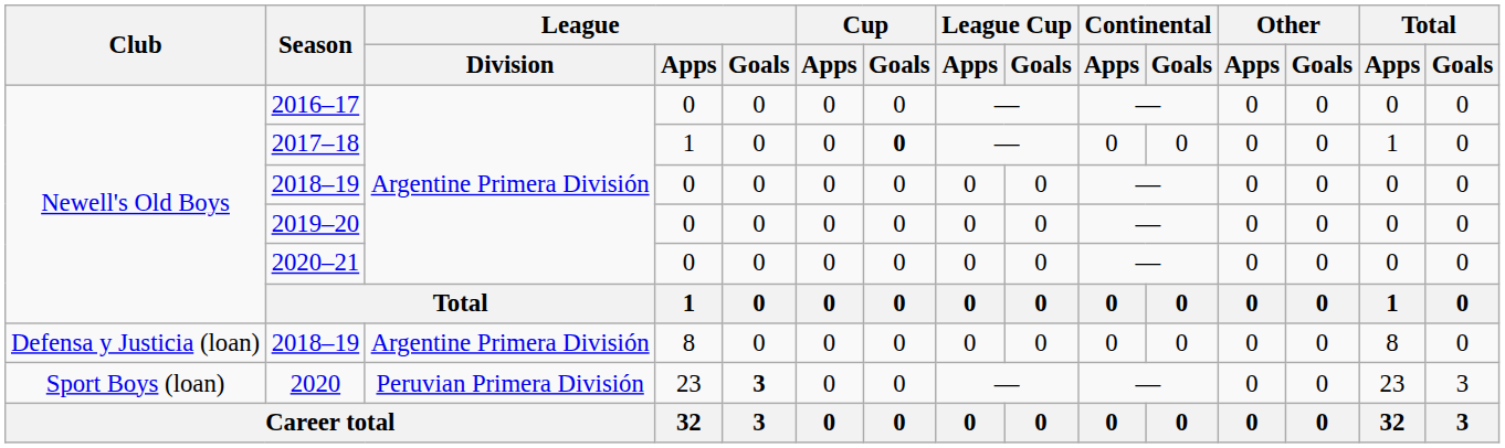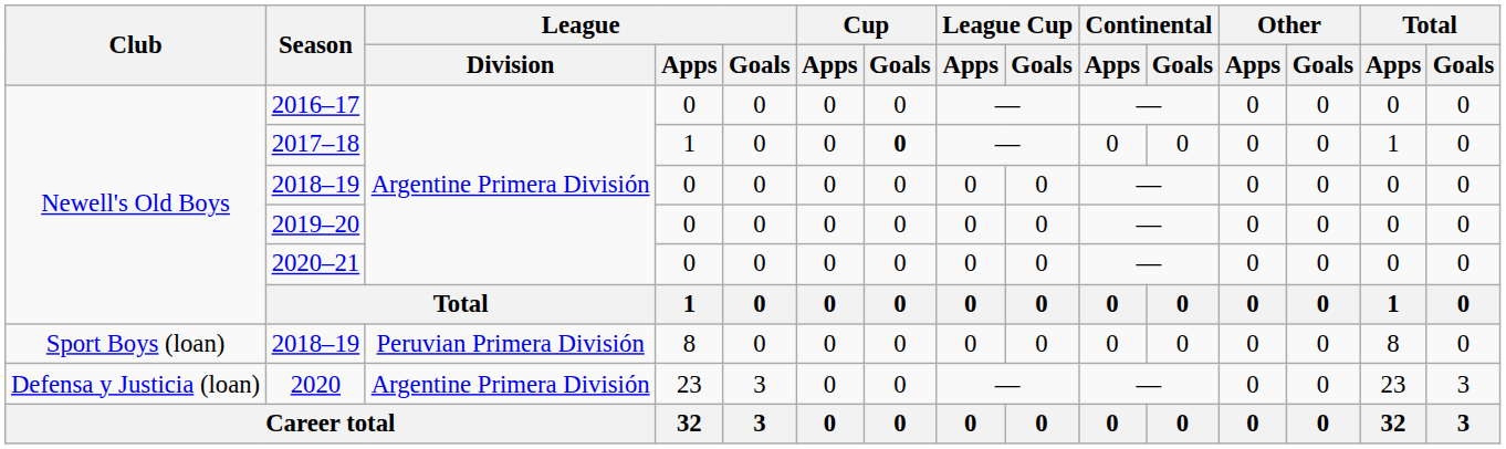 <table class="wikitable" style="text-align:center">
 <tr>
 <th rowspan="2">Club</th>
 <th rowspan="2">Season</th>
 <th colspan="3">League</th>
 <th colspan="2">Cup</th>
 <th colspan="2">League Cup</th>
 <th colspan="2">Continental</th>
 <th colspan="2">Other</th>
 <th colspan="2">Total</th>
 </tr>
 <tr>
 <th>Division</th>
 <th>Apps</th>
 <th>Goals</th>
 <th>Apps</th>
 <th>Goals</th>
 <th>Apps</th>
 <th>Goals</th>
 <th>Apps</th>
 <th>Goals</th>
 <th>Apps</th>
 <th>Goals</th>
 <th>Apps</th>
 <th>Goals</th>
 </tr>
 <tr>
 <td rowspan="6"><a href='#'>Newell's Old Boys</a></td>
 <td><a href='#'>2016–17</a></td>
 <td rowspan="5"><a href='#'>Argentine Primera División</a></td>
 <td>0</td>
 <td>0</td>
 <td>0</td>
 <td>0</td>
 <td colspan="2">—</td>
 <td colspan="2">—</td>
 <td>0</td>
 <td>0</td>
 <td>0</td>
 <td>0</td>
 </tr>
 <tr>
 <td><a href='#'>2017–18</a></td>
 <td>1</td>
 <td>0</td>
 <td>0</td>
 <td><strong>0</strong></td>
 <td colspan="2">—</td>
 <td>0</td>
 <td>0</td>
 <td>0</td>
 <td>0</td>
 <td>1</td>
 <td>0</td>
 </tr>
 <tr>
 <td><a href='#'>2018–19</a></td>
 <td>0</td>
 <td>0</td>
 <td>0</td>
 <td>0</td>
 <td>0</td>
 <td>0</td>
 <td colspan="2">—</td>
 <td>0</td>
 <td>0</td>
 <td>0</td>
 <td>0</td>
 </tr>
 <tr>
 <td><a href='#'>2019–20</a></td>
 <td>0</td>
 <td>0</td>
 <td>0</td>
 <td>0</td>
 <td>0</td>
 <td>0</td>
 <td colspan="2">—</td>
 <td>0</td>
 <td>0</td>
 <td>0</td>
 <td>0</td>
 </tr>
 <tr>
 <td><a href='#'>2020–21</a></td>
 <td>0</td>
 <td>0</td>
 <td>0</td>
 <td>0</td>
 <td>0</td>
 <td>0</td>
 <td colspan="2">—</td>
 <td>0</td>
 <td>0</td>
 <td>0</td>
 <td>0</td>
 </tr>
 <tr>
 <th colspan="2">Total</th>
 <th>1</th>
 <th>0</th>
 <th>0</th>
 <th>0</th>
 <th>0</th>
 <th>0</th>
 <th>0</th>
 <th>0</th>
 <th>0</th>
 <th>0</th>
 <th>1</th>
 <th>0</th>
 </tr>
 <tr>
-<td rowspan="1"><a href='#'>Defensa y Justicia</a> (loan)</td>
+<td rowspan="1"><a href='#'>Sport Boys</a> (loan)</td>
 <td><a href='#'>2018–19</a></td>
-<td rowspan="1"><a href='#'>Argentine Primera División</a></td>
+<td rowspan="1"><a href='#'>Peruvian Primera División</a></td>
 <td>8</td>
 <td>0</td>
 <td>0</td>
 <td>0</td>
 <td>0</td>
 <td>0</td>
 <td>0</td>
 <td>0</td>
 <td>0</td>
 <td>0</td>
 <td>8</td>
 <td>0</td>
 </tr>
 <tr>
-<td rowspan="1"><a href='#'>Sport Boys</a> (loan)</td>
+<td rowspan="1"><a href='#'>Defensa y Justicia</a> (loan)</td>
 <td><a href='#'>2020</a></td>
-<td rowspan="1"><a href='#'>Peruvian Primera División</a></td>
+<td rowspan="1"><a href='#'>Argentine Primera División</a></td>
 <td>23</td>
-<td><strong>3</strong></td>
+<td>3</td>
 <td>0</td>
 <td>0</td>
 <td colspan="2">—</td>
 <td colspan="2">—</td>
 <td>0</td>
 <td>0</td>
 <td>23</td>
 <td>3</td>
 </tr>
 <tr>
 <th colspan="3">Career total</th>
 <th>32</th>
 <th>3</th>
 <th>0</th>
 <th>0</th>
 <th>0</th>
 <th>0</th>
 <th>0</th>
 <th>0</th>
 <th>0</th>
 <th>0</th>
 <th>32</th>
 <th>3</th>
 </tr>
 </table>
